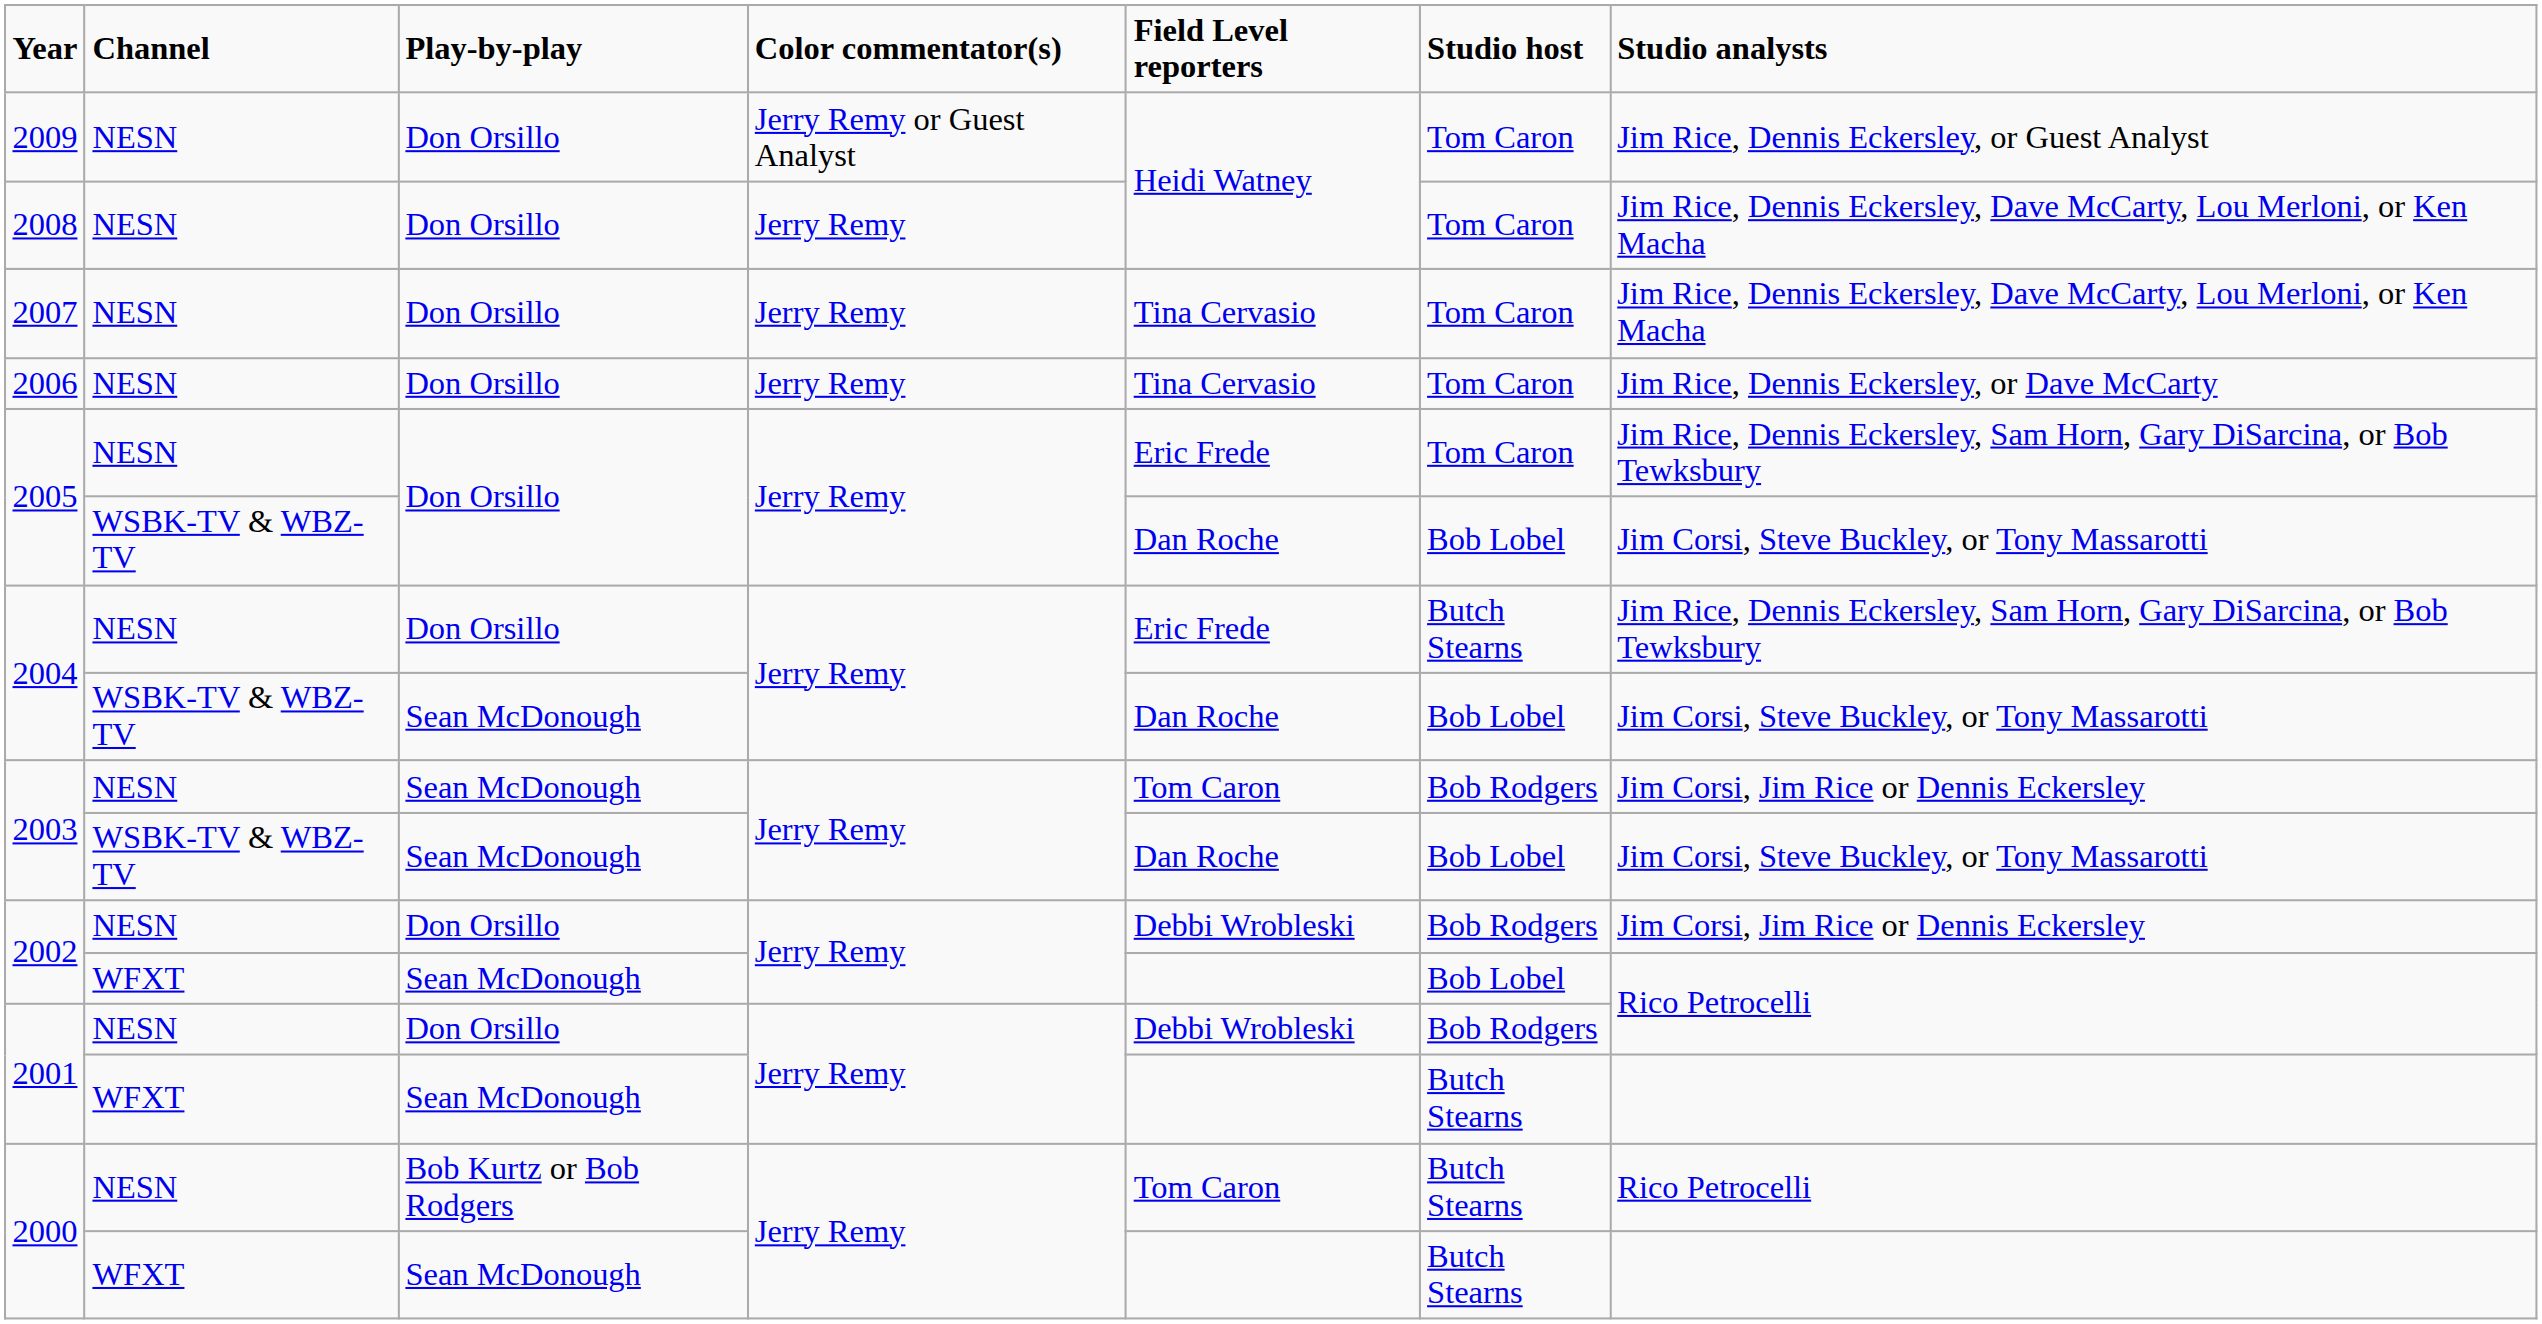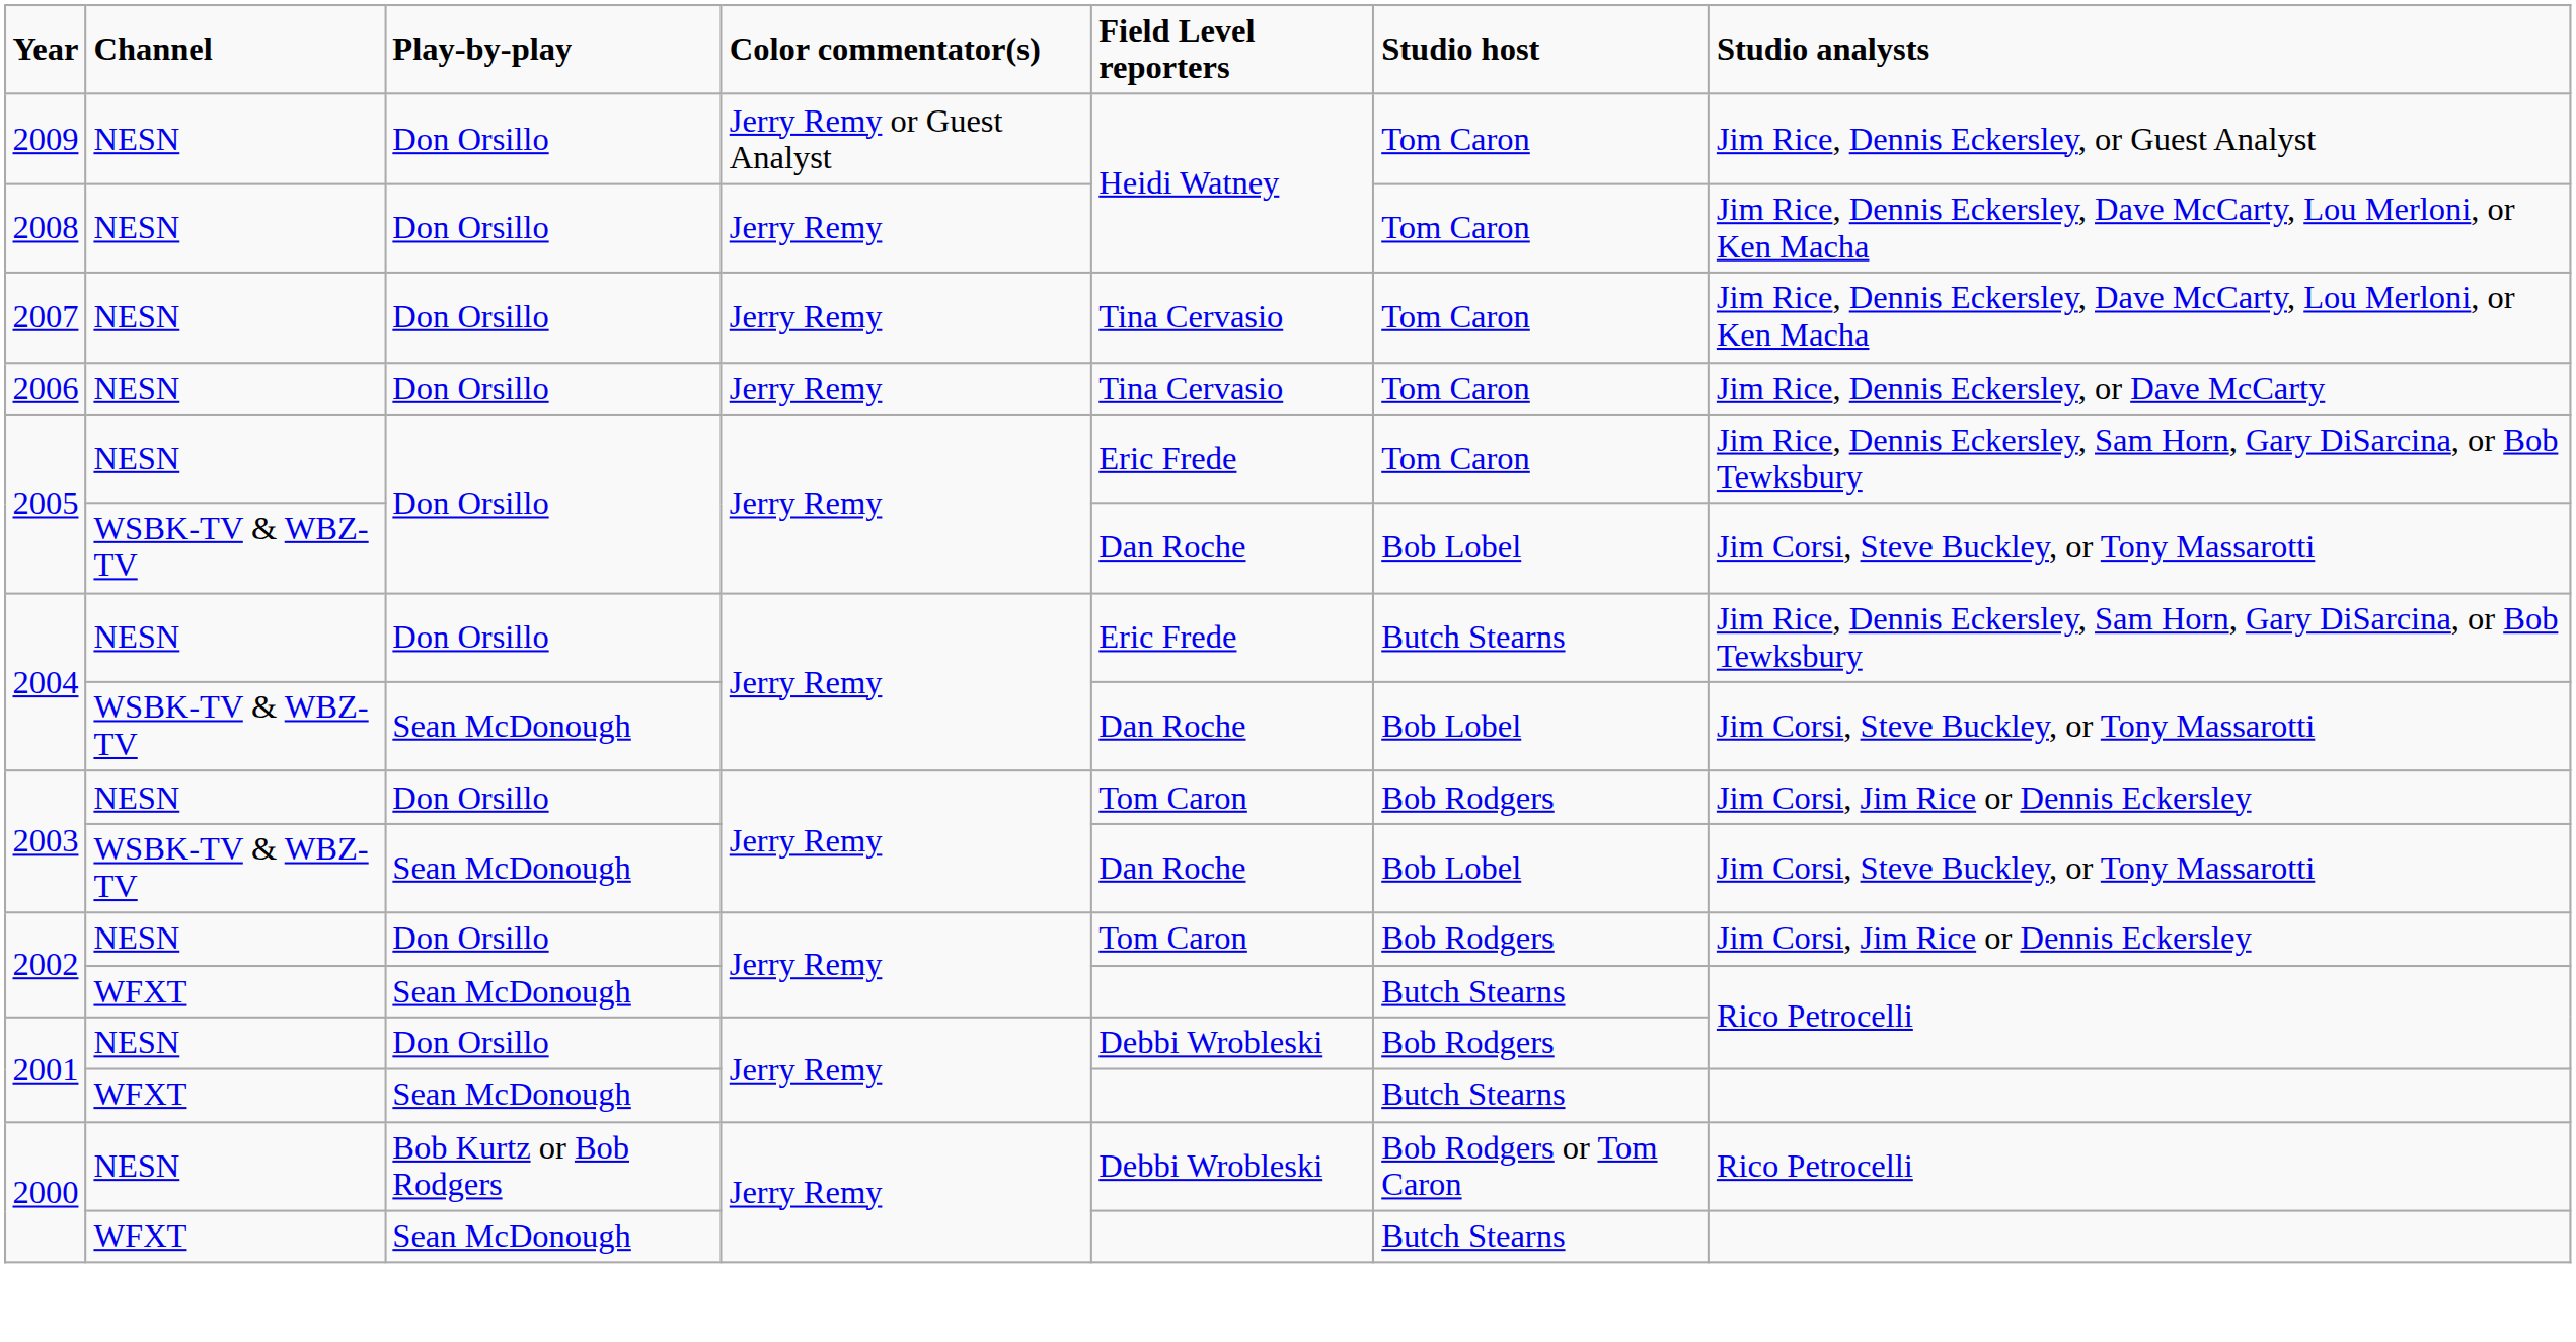 <table class="wikitable">
 <tr>
 <td><strong>Year</strong></td>
 <td><strong>Channel</strong></td>
 <td><strong>Play-by-play</strong></td>
 <td><strong>Color commentator(s)</strong></td>
 <td><strong>Field Level reporters</strong></td>
 <td><strong>Studio host</strong></td>
 <td><strong>Studio analysts</strong></td>
 </tr>
 <tr>
 <td><a href='#'>2009</a></td>
 <td><a href='#'>NESN</a></td>
 <td><a href='#'>Don Orsillo</a></td>
 <td><a href='#'>Jerry Remy</a> or Guest Analyst</td>
 <td rowspan=2><a href='#'>Heidi Watney</a></td>
 <td><a href='#'>Tom Caron</a></td>
 <td><a href='#'>Jim Rice</a>, <a href='#'>Dennis Eckersley</a>, or Guest Analyst</td>
 </tr>
 <tr>
 <td><a href='#'>2008</a></td>
 <td><a href='#'>NESN</a></td>
 <td><a href='#'>Don Orsillo</a></td>
 <td><a href='#'>Jerry Remy</a></td>
 <td><a href='#'>Tom Caron</a></td>
 <td><a href='#'>Jim Rice</a>, <a href='#'>Dennis Eckersley</a>, <a href='#'>Dave McCarty</a>, <a href='#'>Lou Merloni</a>, or <a href='#'>Ken Macha</a></td>
 </tr>
 <tr>
 <td><a href='#'>2007</a></td>
 <td><a href='#'>NESN</a></td>
 <td><a href='#'>Don Orsillo</a></td>
 <td><a href='#'>Jerry Remy</a></td>
 <td><a href='#'>Tina Cervasio</a></td>
 <td><a href='#'>Tom Caron</a></td>
 <td><a href='#'>Jim Rice</a>, <a href='#'>Dennis Eckersley</a>, <a href='#'>Dave McCarty</a>, <a href='#'>Lou Merloni</a>, or <a href='#'>Ken Macha</a></td>
 </tr>
 <tr>
 <td><a href='#'>2006</a></td>
 <td><a href='#'>NESN</a></td>
 <td><a href='#'>Don Orsillo</a></td>
 <td><a href='#'>Jerry Remy</a></td>
 <td><a href='#'>Tina Cervasio</a></td>
 <td><a href='#'>Tom Caron</a></td>
 <td><a href='#'>Jim Rice</a>, <a href='#'>Dennis Eckersley</a>, or <a href='#'>Dave McCarty</a></td>
 </tr>
 <tr>
 <td rowspan=2><a href='#'>2005</a></td>
 <td><a href='#'>NESN</a></td>
 <td rowspan="2"><a href='#'>Don Orsillo</a></td>
 <td rowspan="2"><a href='#'>Jerry Remy</a></td>
 <td><a href='#'>Eric Frede</a></td>
 <td><a href='#'>Tom Caron</a></td>
 <td><a href='#'>Jim Rice</a>, <a href='#'>Dennis Eckersley</a>, <a href='#'>Sam Horn</a>, <a href='#'>Gary DiSarcina</a>, or <a href='#'>Bob Tewksbury</a></td>
 </tr>
 <tr>
 <td><a href='#'>WSBK-TV</a> & <a href='#'>WBZ-TV</a></td>
 <td><a href='#'>Dan Roche</a></td>
 <td><a href='#'>Bob Lobel</a></td>
 <td><a href='#'>Jim Corsi</a>, <a href='#'>Steve Buckley</a>, or <a href='#'>Tony Massarotti</a></td>
 </tr>
 <tr>
 <td rowspan=2><a href='#'>2004</a></td>
 <td><a href='#'>NESN</a></td>
 <td><a href='#'>Don Orsillo</a></td>
 <td rowspan="2"><a href='#'>Jerry Remy</a></td>
 <td><a href='#'>Eric Frede</a></td>
 <td><a href='#'>Butch Stearns</a></td>
 <td><a href='#'>Jim Rice</a>, <a href='#'>Dennis Eckersley</a>, <a href='#'>Sam Horn</a>, <a href='#'>Gary DiSarcina</a>, or <a href='#'>Bob Tewksbury</a></td>
 </tr>
 <tr>
 <td><a href='#'>WSBK-TV</a> & <a href='#'>WBZ-TV</a></td>
 <td><a href='#'>Sean McDonough</a></td>
 <td><a href='#'>Dan Roche</a></td>
 <td><a href='#'>Bob Lobel</a></td>
 <td><a href='#'>Jim Corsi</a>, <a href='#'>Steve Buckley</a>, or <a href='#'>Tony Massarotti</a></td>
 </tr>
 <tr>
 <td rowspan=2><a href='#'>2003</a></td>
 <td><a href='#'>NESN</a></td>
-<td><a href='#'>Sean McDonough</a></td>
+<td><a href='#'>Don Orsillo</a></td>
 <td rowspan="2"><a href='#'>Jerry Remy</a></td>
 <td><a href='#'>Tom Caron</a></td>
 <td><a href='#'>Bob Rodgers</a></td>
 <td><a href='#'>Jim Corsi</a>, <a href='#'>Jim Rice</a> or <a href='#'>Dennis Eckersley</a></td>
 </tr>
 <tr>
 <td><a href='#'>WSBK-TV</a> & <a href='#'>WBZ-TV</a></td>
 <td><a href='#'>Sean McDonough</a></td>
 <td><a href='#'>Dan Roche</a></td>
 <td><a href='#'>Bob Lobel</a></td>
 <td><a href='#'>Jim Corsi</a>, <a href='#'>Steve Buckley</a>, or <a href='#'>Tony Massarotti</a></td>
 </tr>
 <tr>
 <td rowspan=2><a href='#'>2002</a></td>
 <td><a href='#'>NESN</a></td>
 <td><a href='#'>Don Orsillo</a></td>
 <td rowspan="2"><a href='#'>Jerry Remy</a></td>
-<td><a href='#'>Debbi Wrobleski</a></td>
+<td><a href='#'>Tom Caron</a></td>
 <td><a href='#'>Bob Rodgers</a></td>
 <td><a href='#'>Jim Corsi</a>, <a href='#'>Jim Rice</a> or <a href='#'>Dennis Eckersley</a></td>
 </tr>
 <tr>
 <td><a href='#'>WFXT</a></td>
 <td><a href='#'>Sean McDonough</a></td>
 <td></td>
-<td><a href='#'>Bob Lobel</a></td>
+<td><a href='#'>Butch Stearns</a></td>
 <td rowspan=2><a href='#'>Rico Petrocelli</a></td>
 </tr>
 <tr>
 <td rowspan=2><a href='#'>2001</a></td>
 <td><a href='#'>NESN</a></td>
 <td><a href='#'>Don Orsillo</a></td>
 <td rowspan="2"><a href='#'>Jerry Remy</a></td>
 <td><a href='#'>Debbi Wrobleski</a></td>
 <td><a href='#'>Bob Rodgers</a></td>
 </tr>
 <tr>
 <td><a href='#'>WFXT</a></td>
 <td><a href='#'>Sean McDonough</a></td>
 <td></td>
 <td><a href='#'>Butch Stearns</a></td>
 <td></td>
 </tr>
 <tr>
 <td rowspan=2><a href='#'>2000</a></td>
 <td><a href='#'>NESN</a></td>
 <td><a href='#'>Bob Kurtz</a> or <a href='#'>Bob Rodgers</a></td>
 <td rowspan="2"><a href='#'>Jerry Remy</a></td>
-<td><a href='#'>Tom Caron</a></td>
-<td><a href='#'>Butch Stearns</a></td>
+<td><a href='#'>Debbi Wrobleski</a></td>
+<td><a href='#'>Bob Rodgers</a> or <a href='#'>Tom Caron</a></td>
 <td><a href='#'>Rico Petrocelli</a></td>
 </tr>
 <tr>
 <td><a href='#'>WFXT</a></td>
 <td><a href='#'>Sean McDonough</a></td>
 <td></td>
 <td><a href='#'>Butch Stearns</a></td>
 <td></td>
 </tr>
 </table>
